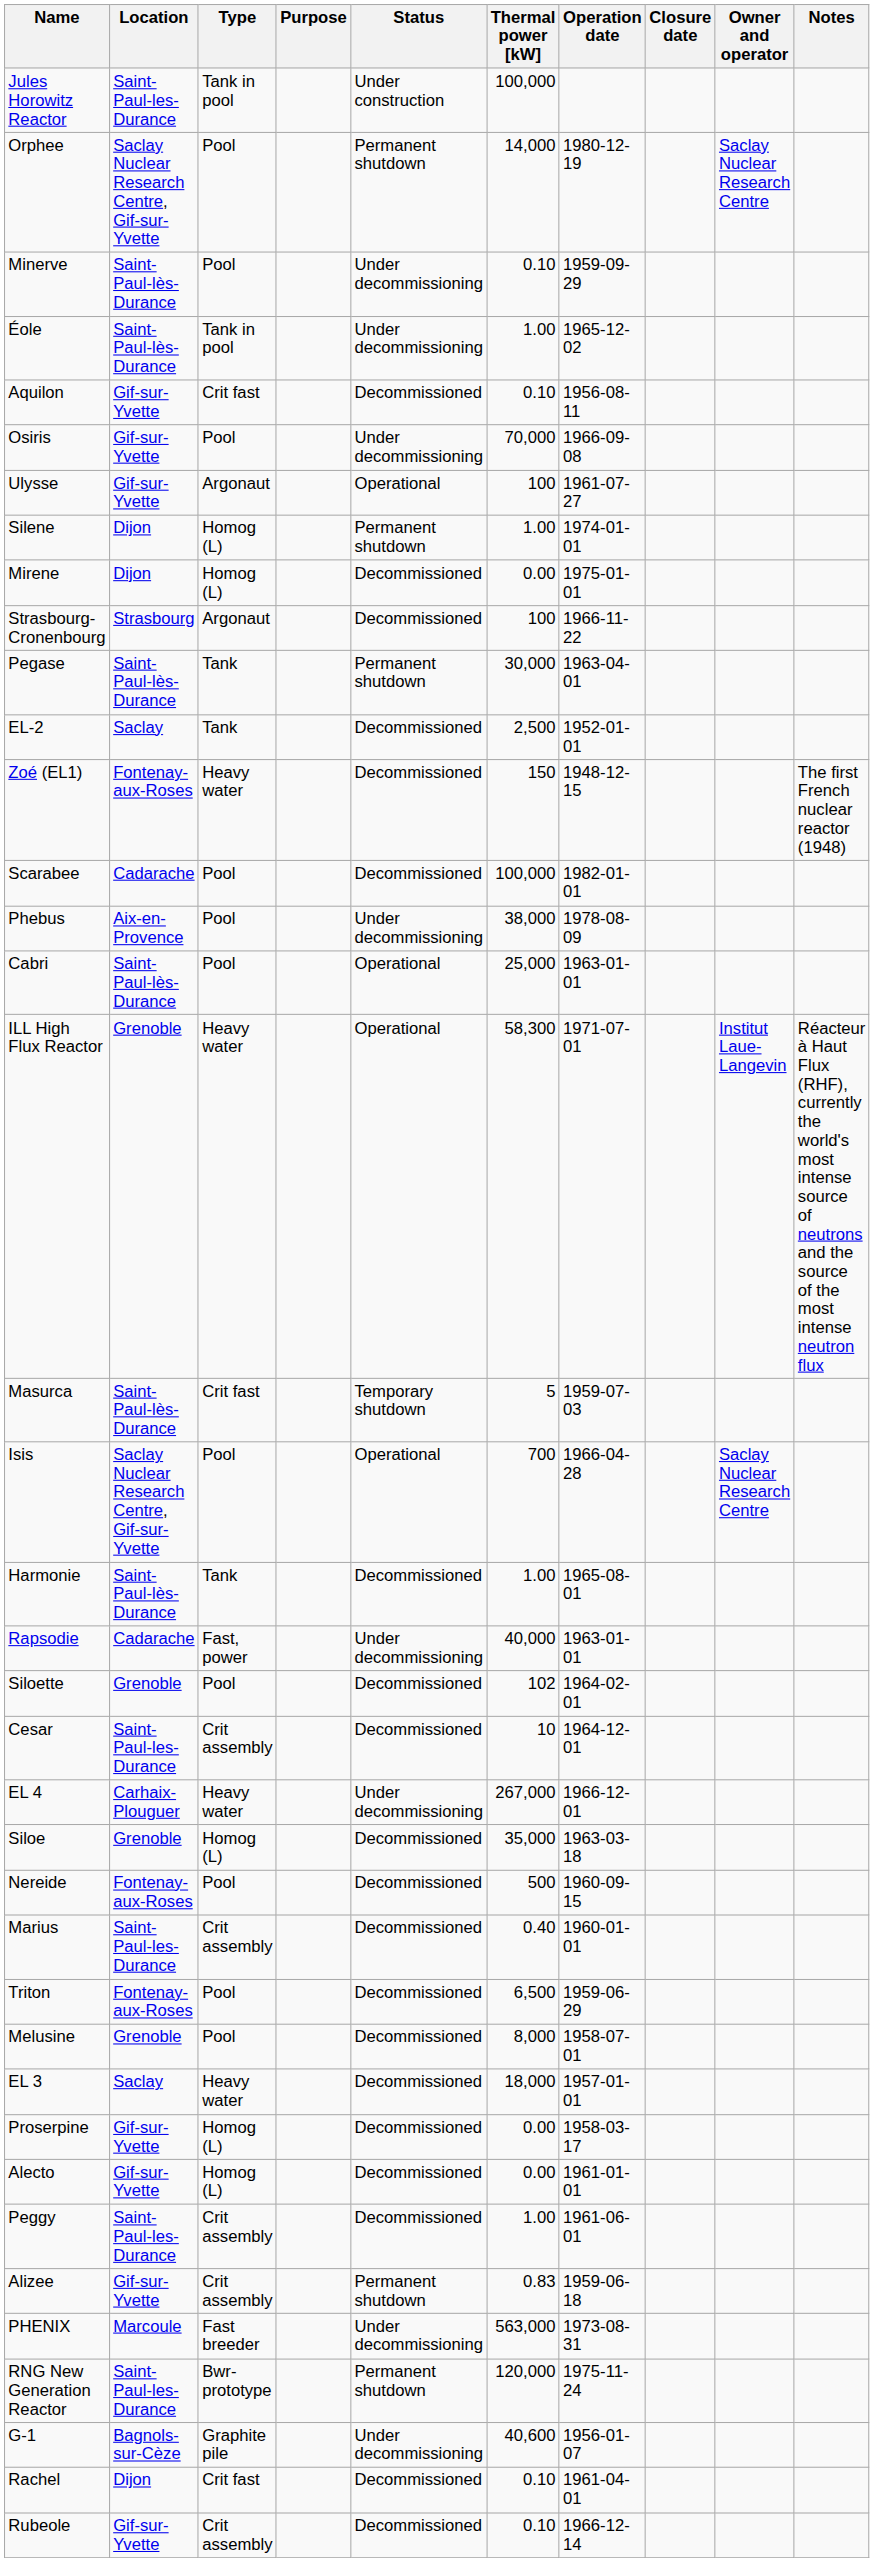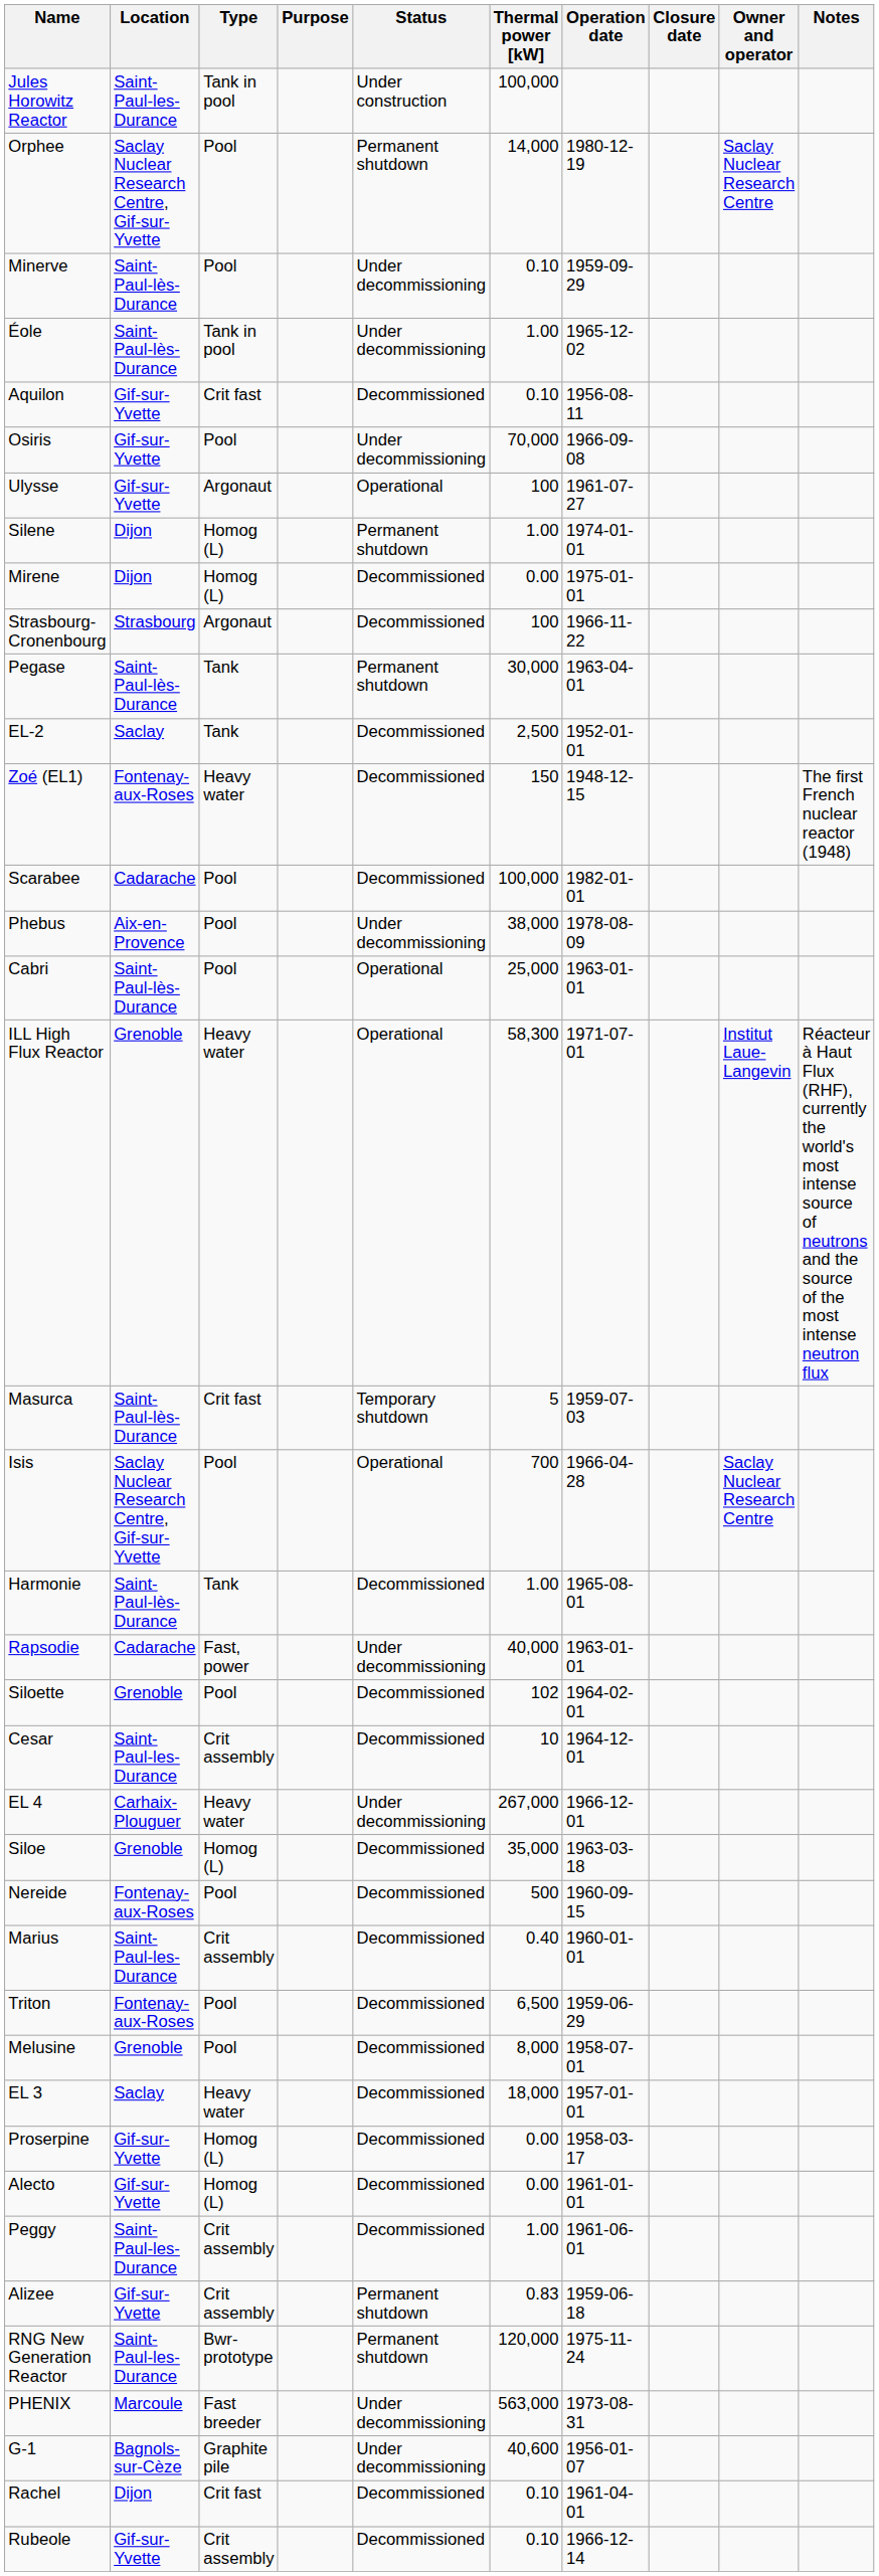 <table class="wikitable sortable" >
 <tr valign="top">
 <th width="80">Name</th>
 <th width="65">Location</th>
 <th width="76">Type</th>
 <th width="65">Purpose</th>
 <th width="91">Status</th>
 <th width="70“">Thermal power [kW]</th>
 <th width=„67“>Operation date</th>
 <th width="78“">Closure date</th>
 <th width="113“">Owner and operator</th>
 <th width="65">Notes</th>
 </tr>
 <tr valign="top">
 <td><a href='#'>Jules Horowitz Reactor</a></td>
 <td><a href='#'>Saint-Paul-les-Durance</a></td>
 <td>Tank in pool</td>
 <td></td>
 <td>Under construction</td>
 <td align="right">100,000</td>
 <td> </td>
 <td></td>
 <td></td>
 <td></td>
 </tr>
 <tr valign="top">
 <td>Orphee</td>
 <td><a href='#'>Saclay Nuclear Research Centre</a>, <a href='#'>Gif-sur-Yvette</a></td>
 <td>Pool</td>
 <td></td>
 <td>Permanent shutdown</td>
 <td align="right">14,000</td>
 <td>1980-12-19</td>
 <td></td>
 <td><a href='#'>Saclay Nuclear Research Centre</a></td>
 <td></td>
 </tr>
 <tr valign="top">
 <td>Minerve</td>
 <td><a href='#'>Saint-Paul-lès-Durance</a></td>
 <td>Pool</td>
 <td></td>
 <td>Under decommissioning</td>
 <td align="right">0.10</td>
 <td>1959-09-29</td>
 <td></td>
 <td></td>
 <td></td>
 </tr>
 <tr valign="top">
 <td>Éole</td>
 <td><a href='#'>Saint-Paul-lès-Durance</a></td>
 <td>Tank in pool</td>
 <td></td>
 <td>Under decommissioning</td>
 <td align="right">1.00</td>
 <td>1965-12-02</td>
 <td></td>
 <td></td>
 <td></td>
 </tr>
 <tr valign="top">
 <td>Aquilon</td>
 <td><a href='#'>Gif-sur-Yvette</a></td>
 <td>Crit fast</td>
 <td></td>
 <td>Decommissioned</td>
 <td align="right">0.10</td>
 <td>1956-08-11</td>
 <td></td>
 <td></td>
 <td></td>
 </tr>
 <tr valign="top">
 <td>Osiris</td>
 <td><a href='#'>Gif-sur-Yvette</a></td>
 <td>Pool</td>
 <td></td>
 <td>Under decommissioning</td>
 <td align="right">70,000</td>
 <td>1966-09-08</td>
 <td></td>
 <td></td>
 <td></td>
 </tr>
 <tr valign="top">
 <td>Ulysse</td>
 <td><a href='#'>Gif-sur-Yvette</a></td>
 <td>Argonaut</td>
 <td></td>
 <td>Operational</td>
 <td align="right">100</td>
 <td>1961-07-27</td>
 <td></td>
 <td></td>
 <td></td>
 </tr>
 <tr valign="top">
 <td>Silene</td>
 <td><a href='#'>Dijon</a></td>
 <td>Homog (L)</td>
 <td></td>
 <td>Permanent shutdown</td>
 <td align="right">1.00</td>
 <td>1974-01-01</td>
 <td></td>
 <td></td>
 <td></td>
 </tr>
 <tr valign="top">
 <td>Mirene</td>
 <td><a href='#'>Dijon</a></td>
 <td>Homog (L)</td>
 <td></td>
 <td>Decommissioned</td>
 <td align="right">0.00</td>
 <td>1975-01-01</td>
 <td></td>
 <td></td>
 <td></td>
 </tr>
 <tr valign="top">
 <td>Strasbourg-Cronenbourg</td>
 <td><a href='#'>Strasbourg</a></td>
 <td>Argonaut</td>
 <td></td>
 <td>Decommissioned</td>
 <td align="right">100</td>
 <td>1966-11-22</td>
 <td></td>
 <td></td>
 <td></td>
 </tr>
 <tr valign="top">
 <td>Pegase</td>
 <td><a href='#'>Saint-Paul-lès-Durance</a></td>
 <td>Tank</td>
 <td></td>
 <td>Permanent shutdown</td>
 <td align="right">30,000</td>
 <td>1963-04-01</td>
 <td></td>
 <td></td>
 <td></td>
 </tr>
 <tr valign="top">
 <td>EL-2</td>
 <td><a href='#'>Saclay</a></td>
 <td>Tank</td>
 <td></td>
 <td>Decommissioned</td>
 <td align="right">2,500</td>
 <td>1952-01-01</td>
 <td></td>
 <td></td>
 <td></td>
 </tr>
 <tr valign="top">
 <td><a href='#'>Zoé</a> (EL1)</td>
 <td><a href='#'>Fontenay-aux-Roses</a></td>
 <td>Heavy water</td>
 <td></td>
 <td>Decommissioned</td>
 <td align="right">150</td>
 <td>1948-12-15</td>
 <td></td>
 <td></td>
 <td>The first French nuclear reactor (1948)</td>
 </tr>
 <tr valign="top">
 <td>Scarabee</td>
 <td><a href='#'>Cadarache</a></td>
 <td>Pool</td>
 <td></td>
 <td>Decommissioned</td>
 <td align="right">100,000</td>
 <td>1982-01-01</td>
 <td></td>
 <td></td>
 <td></td>
 </tr>
 <tr valign="top">
 <td>Phebus</td>
 <td><a href='#'>Aix-en-Provence</a></td>
 <td>Pool</td>
 <td></td>
 <td>Under decommissioning</td>
 <td align="right">38,000</td>
 <td>1978-08-09</td>
 <td></td>
 <td></td>
 <td></td>
 </tr>
 <tr valign="top">
 <td>Cabri</td>
 <td><a href='#'>Saint-Paul-lès-Durance</a></td>
 <td>Pool</td>
 <td></td>
 <td>Operational</td>
 <td align="right">25,000</td>
 <td>1963-01-01</td>
 <td></td>
 <td></td>
 <td></td>
 </tr>
 <tr valign="top">
 <td>ILL High Flux Reactor</td>
 <td><a href='#'>Grenoble</a></td>
 <td>Heavy water</td>
 <td></td>
 <td>Operational</td>
 <td align="right">58,300</td>
 <td>1971-07-01</td>
 <td></td>
 <td><a href='#'>Institut Laue-Langevin</a></td>
 <td>Réacteur à Haut Flux (RHF), currently the world's most intense source of <a href='#'>neutrons</a> and the source of the most intense <a href='#'>neutron flux</a></td>
 </tr>
 <tr valign="top">
 <td>Masurca</td>
 <td><a href='#'>Saint-Paul-lès-Durance</a></td>
 <td>Crit fast</td>
 <td></td>
 <td>Temporary shutdown</td>
 <td align="right">5</td>
 <td>1959-07-03</td>
 <td></td>
 <td></td>
 <td></td>
 </tr>
 <tr valign="top">
 <td>Isis</td>
 <td><a href='#'>Saclay Nuclear Research Centre</a>, <a href='#'>Gif-sur-Yvette</a></td>
 <td>Pool</td>
 <td></td>
 <td>Operational</td>
 <td align="right">700</td>
 <td>1966-04-28</td>
 <td></td>
 <td><a href='#'>Saclay Nuclear Research Centre</a></td>
 <td></td>
 </tr>
 <tr valign="top">
 <td>Harmonie</td>
 <td><a href='#'>Saint-Paul-lès-Durance</a></td>
 <td>Tank</td>
 <td></td>
 <td>Decommissioned</td>
 <td align="right">1.00</td>
 <td>1965-08-01</td>
 <td></td>
 <td></td>
 <td></td>
 </tr>
 <tr valign="top">
 <td><a href='#'>Rapsodie</a></td>
 <td><a href='#'>Cadarache</a></td>
 <td>Fast, power</td>
 <td></td>
 <td>Under decommissioning</td>
 <td align="right">40,000</td>
 <td>1963-01-01</td>
 <td></td>
 <td></td>
 <td></td>
 </tr>
 <tr valign="top">
 <td>Siloette</td>
 <td><a href='#'>Grenoble</a></td>
 <td>Pool</td>
 <td></td>
 <td>Decommissioned</td>
 <td align="right">102</td>
 <td>1964-02-01</td>
 <td></td>
 <td></td>
 <td></td>
 </tr>
 <tr valign="top">
 <td>Cesar</td>
 <td><a href='#'>Saint-Paul-les-Durance</a></td>
 <td>Crit assembly</td>
 <td></td>
 <td>Decommissioned</td>
 <td align="right">10</td>
 <td>1964-12-01</td>
 <td></td>
 <td></td>
 <td></td>
 </tr>
 <tr valign="top">
 <td>EL 4</td>
 <td><a href='#'>Carhaix-Plouguer</a></td>
 <td>Heavy water</td>
 <td></td>
 <td>Under decommissioning</td>
 <td align="right">267,000</td>
 <td>1966-12-01</td>
 <td></td>
 <td></td>
 <td></td>
 </tr>
 <tr valign="top">
 <td>Siloe</td>
 <td><a href='#'>Grenoble</a></td>
 <td>Homog (L)</td>
 <td></td>
 <td>Decommissioned</td>
 <td align="right">35,000</td>
 <td>1963-03-18</td>
 <td></td>
 <td></td>
 <td></td>
 </tr>
 <tr valign="top">
 <td>Nereide</td>
 <td><a href='#'>Fontenay-aux-Roses</a></td>
 <td>Pool</td>
 <td></td>
 <td>Decommissioned</td>
 <td align="right">500</td>
 <td>1960-09-15</td>
 <td></td>
 <td></td>
 <td></td>
 </tr>
 <tr valign="top">
 <td>Marius</td>
 <td><a href='#'>Saint-Paul-les-Durance</a></td>
 <td>Crit assembly</td>
 <td></td>
 <td>Decommissioned</td>
 <td align="right">0.40</td>
 <td>1960-01-01</td>
 <td></td>
 <td></td>
 <td></td>
 </tr>
 <tr valign="top">
 <td>Triton</td>
 <td><a href='#'>Fontenay-aux-Roses</a></td>
 <td>Pool</td>
 <td></td>
 <td>Decommissioned</td>
 <td align="right">6,500</td>
 <td>1959-06-29</td>
 <td></td>
 <td></td>
 <td></td>
 </tr>
 <tr valign="top">
 <td>Melusine</td>
 <td><a href='#'>Grenoble</a></td>
 <td>Pool</td>
 <td></td>
 <td>Decommissioned</td>
 <td align="right">8,000</td>
 <td>1958-07-01</td>
 <td></td>
 <td></td>
 <td></td>
 </tr>
 <tr valign="top">
 <td>EL 3</td>
 <td><a href='#'>Saclay</a></td>
 <td>Heavy water</td>
 <td></td>
 <td>Decommissioned</td>
 <td align="right">18,000</td>
 <td>1957-01-01</td>
 <td></td>
 <td></td>
 <td></td>
 </tr>
 <tr valign="top">
 <td>Proserpine</td>
 <td><a href='#'>Gif-sur-Yvette</a></td>
 <td>Homog (L)</td>
 <td></td>
 <td>Decommissioned</td>
 <td align="right">0.00</td>
 <td>1958-03-17</td>
 <td></td>
 <td></td>
 <td></td>
 </tr>
 <tr valign="top">
 <td>Alecto</td>
 <td><a href='#'>Gif-sur-Yvette</a></td>
 <td>Homog (L)</td>
 <td></td>
 <td>Decommissioned</td>
 <td align="right">0.00</td>
 <td>1961-01-01</td>
 <td></td>
 <td></td>
 <td></td>
 </tr>
 <tr valign="top">
 <td>Peggy</td>
 <td><a href='#'>Saint-Paul-les-Durance</a></td>
 <td>Crit assembly</td>
 <td></td>
 <td>Decommissioned</td>
 <td align="right">1.00</td>
 <td>1961-06-01</td>
 <td></td>
 <td></td>
 <td></td>
 </tr>
 <tr valign="top">
 <td>Alizee</td>
 <td><a href='#'>Gif-sur-Yvette</a></td>
 <td>Crit assembly</td>
 <td></td>
 <td>Permanent shutdown</td>
 <td align="right">0.83</td>
 <td>1959-06-18</td>
 <td></td>
 <td></td>
 <td></td>
 </tr>
 <tr valign="top">
+<td>RNG New Generation Reactor</td>
+<td><a href='#'>Saint-Paul-les-Durance</a></td>
+<td>Bwr-prototype</td>
+<td></td>
+<td>Permanent shutdown</td>
+<td align="right">120,000</td>
+<td>1975-11-24</td>
+<td></td>
+<td></td>
+<td></td>
+</tr>
+<tr valign="top">
 <td>PHENIX</td>
 <td><a href='#'>Marcoule</a></td>
 <td>Fast breeder</td>
 <td></td>
 <td>Under decommissioning</td>
 <td align="right">563,000</td>
 <td>1973-08-31</td>
-<td></td>
-<td></td>
-<td></td>
-</tr>
-<tr valign="top">
-<td>RNG New Generation Reactor</td>
-<td><a href='#'>Saint-Paul-les-Durance</a></td>
-<td>Bwr-prototype</td>
-<td></td>
-<td>Permanent shutdown</td>
-<td align="right">120,000</td>
-<td>1975-11-24</td>
 <td></td>
 <td></td>
 <td></td>
 </tr>
 <tr valign="top">
 <td>G-1</td>
 <td><a href='#'>Bagnols-sur-Cèze</a></td>
 <td>Graphite pile</td>
 <td></td>
 <td>Under decommissioning</td>
 <td align="right">40,600</td>
 <td>1956-01-07</td>
 <td></td>
 <td></td>
 <td></td>
 </tr>
 <tr valign="top">
 <td>Rachel</td>
 <td><a href='#'>Dijon</a></td>
 <td>Crit fast</td>
 <td></td>
 <td>Decommissioned</td>
 <td align="right">0.10</td>
 <td>1961-04-01</td>
 <td></td>
 <td></td>
 <td></td>
 </tr>
 <tr valign="top">
 <td>Rubeole</td>
 <td><a href='#'>Gif-sur-Yvette</a></td>
 <td>Crit assembly</td>
 <td></td>
 <td>Decommissioned</td>
 <td align="right">0.10</td>
 <td>1966-12-14</td>
 <td></td>
 <td></td>
 <td></td>
 </tr>
 </table>
